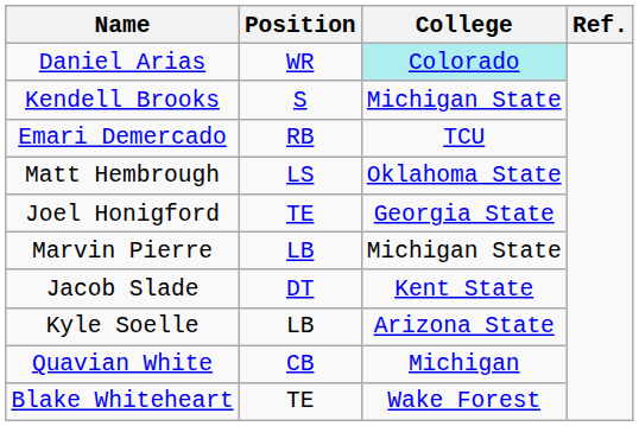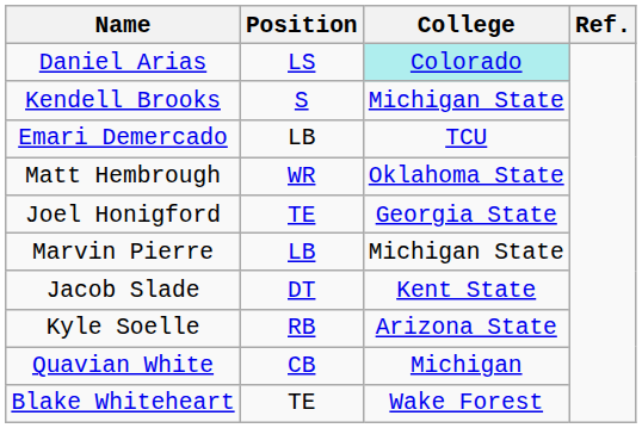 <table class="wikitable" style="text-align:center">
 <tr>
 <th>Name</th>
 <th>Position</th>
 <th>College</th>
 <th>Ref.</th>
 </tr>
 <tr>
 <td><a href='#'>Daniel Arias</a></td>
-<td><a href='#'>WR</a></td>
+<td><a href='#'>LS</a></td>
 <td style="background: paleturquoise;"><a href='#'>Colorado</a></td>
 <td rowspan="10"></td>
 </tr>
 <tr>
 <td><a href='#'>Kendell Brooks</a></td>
 <td><a href='#'>S</a></td>
 <td><a href='#'>Michigan State</a></td>
 </tr>
 <tr>
 <td><a href='#'>Emari Demercado</a></td>
-<td><a href='#'>RB</a></td>
+<td>LB</td>
 <td><a href='#'>TCU</a></td>
 </tr>
 <tr>
 <td>Matt Hembrough</td>
-<td><a href='#'>LS</a></td>
+<td><a href='#'>WR</a></td>
 <td><a href='#'>Oklahoma State</a></td>
 </tr>
 <tr>
 <td>Joel Honigford</td>
 <td><a href='#'>TE</a></td>
 <td><a href='#'>Georgia State</a></td>
 </tr>
 <tr>
 <td>Marvin Pierre</td>
 <td><a href='#'>LB</a></td>
 <td>Michigan State</td>
 </tr>
 <tr>
 <td>Jacob Slade</td>
 <td><a href='#'>DT</a></td>
 <td><a href='#'>Kent State</a></td>
 </tr>
 <tr>
 <td>Kyle Soelle</td>
-<td>LB</td>
+<td><a href='#'>RB</a></td>
 <td><a href='#'>Arizona State</a></td>
 </tr>
 <tr>
 <td><a href='#'>Quavian White</a></td>
 <td><a href='#'>CB</a></td>
 <td><a href='#'>Michigan</a></td>
 </tr>
 <tr>
 <td><a href='#'>Blake Whiteheart</a></td>
 <td>TE</td>
 <td><a href='#'>Wake Forest</a></td>
 </tr>
 </table>
